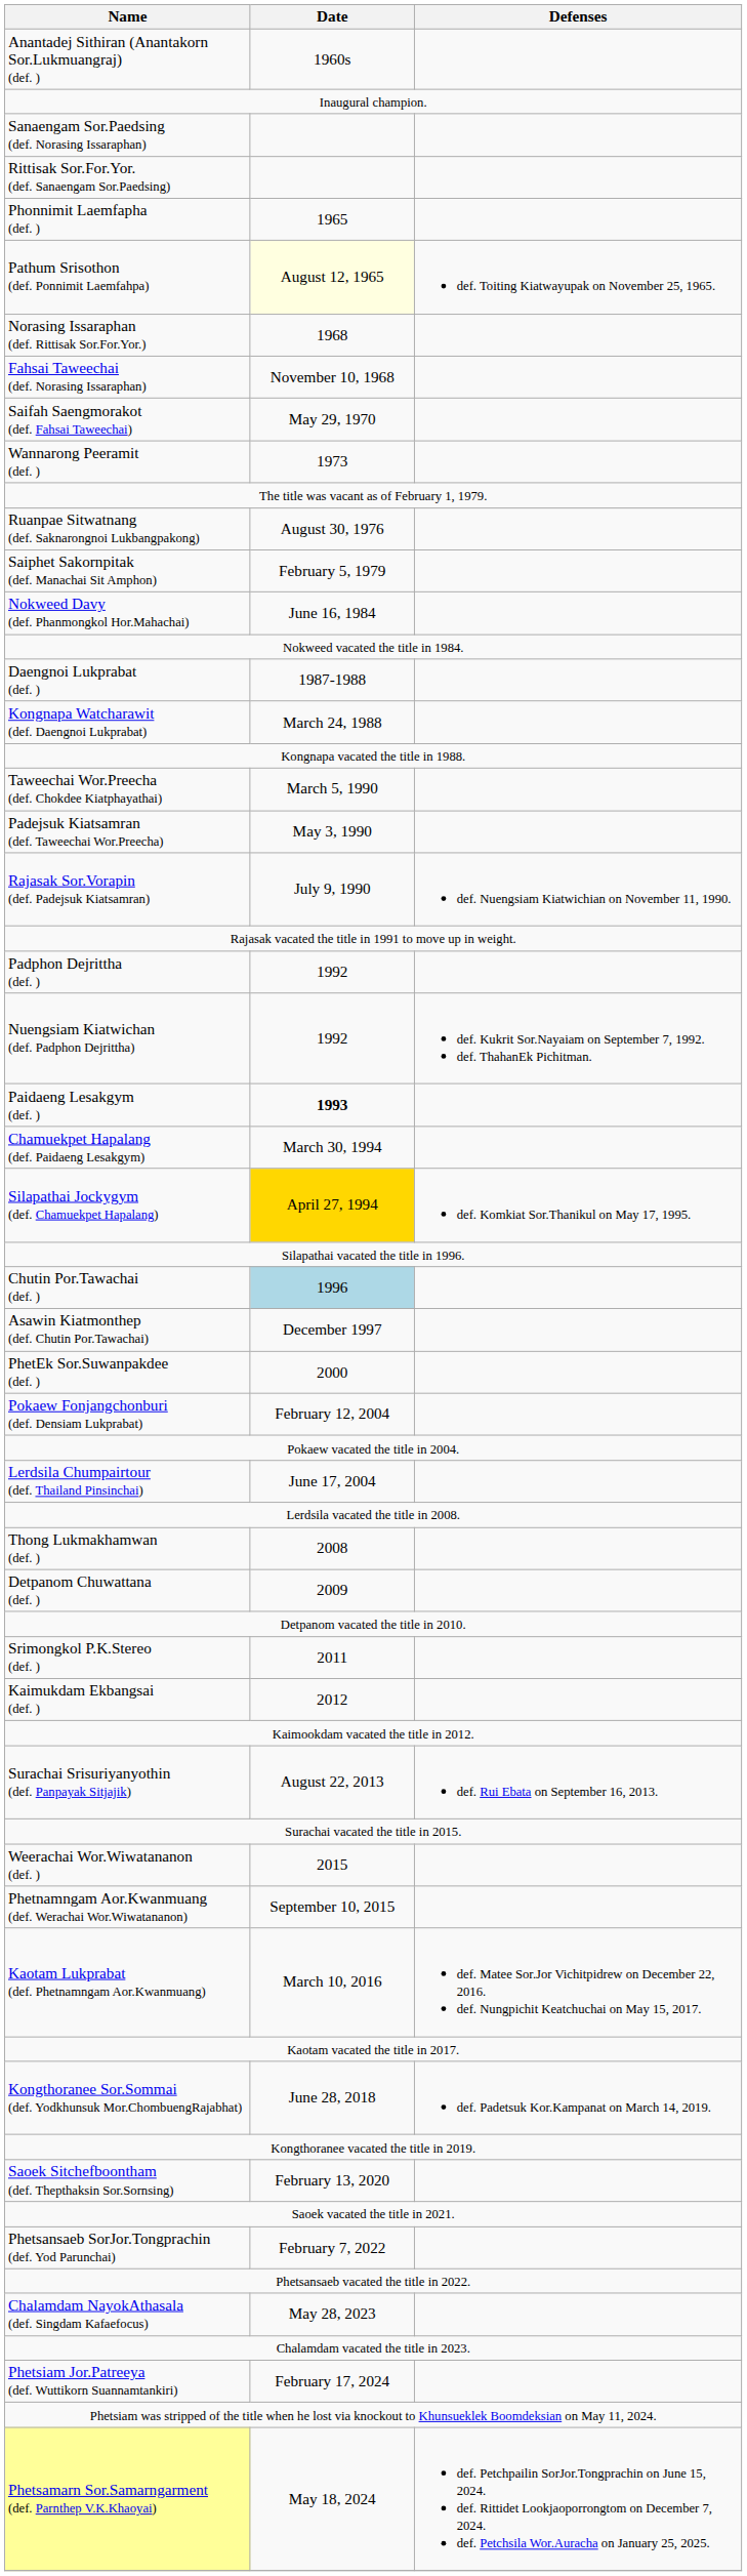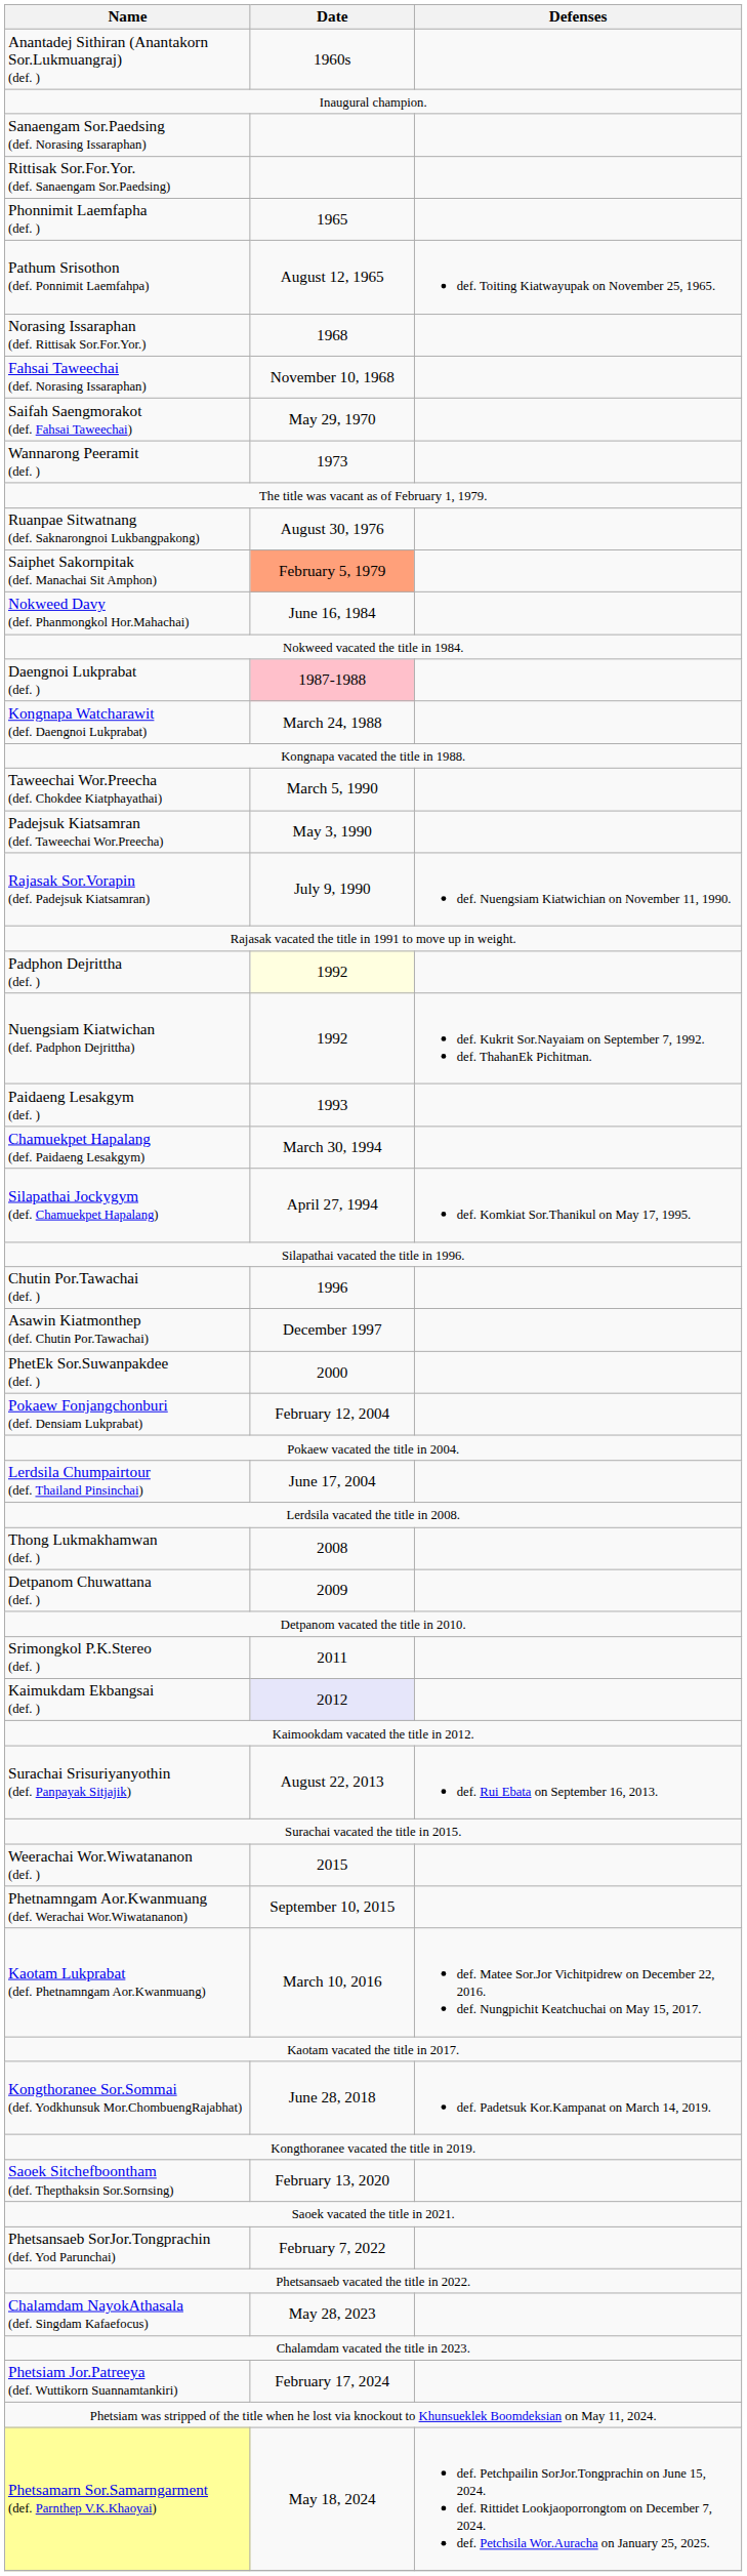 <table class="wikitable" width=60%>
 <tr>
 <th width=30%>Name</th>
 <th width=20%>Date</th>
 <th width=40%>Defenses</th>
 </tr>
 <tr>
 <td align=left> Anantadej Sithiran (Anantakorn Sor.Lukmuangraj)<br><small>(def. )</small></td>
 <td align=center>1960s</td>
 <td></td>
 </tr>
 <tr>
 <td colspan=4 align=center><small> Inaugural champion.</small></td>
 </tr>
 <tr>
 <td align=left> Sanaengam Sor.Paedsing <br><small>(def. Norasing Issaraphan)</small></td>
 <td align=center></td>
 <td></td>
 </tr>
 <tr>
 <td align=left> Rittisak Sor.For.Yor. <br><small>(def. Sanaengam Sor.Paedsing)</small></td>
 <td align=center></td>
 <td></td>
 </tr>
 <tr>
 <td align=left> Phonnimit Laemfapha <br><small>(def. )</small></td>
 <td align=center>1965</td>
 <td></td>
 </tr>
 <tr>
 <td align=left> Pathum Srisothon <br><small>(def. Ponnimit Laemfahpa)</small></td>
-<td align=center style="background: lightyellow;">August 12, 1965</td>
+<td align=center>August 12, 1965</td>
 <td><br><ul><li><small>def. Toiting Kiatwayupak on November 25, 1965.</small></li></ul></td>
 </tr>
 <tr>
 <td align=left> Norasing Issaraphan <br><small>(def. Rittisak Sor.For.Yor.)</small></td>
 <td align=center>1968</td>
 <td></td>
 </tr>
 <tr>
 <td align=left> <a href='#'>Fahsai Taweechai</a><br><small>(def. Norasing Issaraphan)</small></td>
 <td align=center>November 10, 1968</td>
 <td></td>
 </tr>
 <tr>
 <td align=left> Saifah Saengmorakot <br><small>(def. <a href='#'>Fahsai Taweechai</a>)</small></td>
 <td align=center>May 29, 1970</td>
 <td></td>
 </tr>
 <tr>
 <td align=left> Wannarong Peeramit <br><small>(def. )</small></td>
 <td align=center>1973</td>
 <td></td>
 </tr>
 <tr>
 <td colspan=4 align=center><small>The title was vacant as of February 1, 1979.</small></td>
 </tr>
 <tr>
 <td align=left> Ruanpae Sitwatnang <br><small>(def. Saknarongnoi Lukbangpakong)</small></td>
 <td align=center>August 30, 1976</td>
 <td></td>
 </tr>
 <tr>
 <td align=left> Saiphet Sakornpitak <br><small>(def. Manachai Sit Amphon)</small></td>
-<td align=center>February 5, 1979</td>
+<td align=center style="background: lightsalmon;">February 5, 1979</td>
 <td></td>
 </tr>
 <tr>
 <td align=left> <a href='#'>Nokweed Davy</a> <br><small>(def. Phanmongkol Hor.Mahachai)</small></td>
 <td align=center>June 16, 1984</td>
 <td></td>
 </tr>
 <tr>
 <td colspan=4 align=center><small>Nokweed vacated the title in 1984.</small></td>
 </tr>
 <tr>
 <td align=left> Daengnoi Lukprabat <br><small>(def. )</small></td>
-<td align=center>1987-1988</td>
+<td align=center style="background: pink;">1987-1988</td>
 <td></td>
 </tr>
 <tr>
 <td align=left> <a href='#'>Kongnapa Watcharawit</a> <br><small>(def. Daengnoi Lukprabat)</small></td>
 <td align=center>March 24, 1988</td>
 <td></td>
 </tr>
 <tr>
 <td colspan=4 align=center><small>Kongnapa vacated the title in 1988.</small></td>
 </tr>
 <tr>
 <td align=left> Taweechai Wor.Preecha <br><small>(def. Chokdee Kiatphayathai)</small></td>
 <td align=center>March 5, 1990</td>
 <td></td>
 </tr>
 <tr>
 <td align=left> Padejsuk Kiatsamran <br><small>(def. Taweechai Wor.Preecha)</small></td>
 <td align=center>May 3, 1990</td>
 <td></td>
 </tr>
 <tr>
 <td align=left> <a href='#'>Rajasak Sor.Vorapin</a> <br><small>(def. Padejsuk Kiatsamran)</small></td>
 <td align=center>July 9, 1990</td>
 <td><br><ul><li><small>def. Nuengsiam Kiatwichian on November 11, 1990.</small></li></ul></td>
 </tr>
 <tr>
 <td colspan=4 align=center><small>Rajasak vacated the title in 1991 to move up in weight.</small></td>
 </tr>
 <tr>
 <td align=left> Padphon Dejrittha <br><small>(def. )</small></td>
-<td align=center>1992</td>
+<td align=center style="background: lightyellow;">1992</td>
 <td></td>
 </tr>
 <tr>
 <td align=left> Nuengsiam Kiatwichan <br><small>(def. Padphon Dejrittha)</small></td>
 <td align=center>1992</td>
 <td><br><ul><li><small>def. Kukrit Sor.Nayaiam on September 7, 1992.</small></li><li><small>def. ThahanEk Pichitman.</small></li></ul></td>
 </tr>
 <tr>
 <td align=left> Paidaeng Lesakgym <br><small>(def. )</small></td>
-<td align=center><strong>1993</strong></td>
+<td align=center>1993</td>
 <td></td>
 </tr>
 <tr>
 <td align=left> <a href='#'>Chamuekpet Hapalang</a> <br><small>(def. Paidaeng Lesakgym)</small></td>
 <td align=center>March 30, 1994</td>
 <td></td>
 </tr>
 <tr>
 <td align=left> <a href='#'>Silapathai Jockygym</a> <br><small>(def. <a href='#'>Chamuekpet Hapalang</a>)</small></td>
-<td align=center style="background: gold;">April 27, 1994</td>
+<td align=center>April 27, 1994</td>
 <td><br><ul><li><small>def. Komkiat Sor.Thanikul on May 17, 1995.</small></li></ul></td>
 </tr>
 <tr>
 <td colspan=4 align=center><small>Silapathai vacated the title in 1996.</small></td>
 </tr>
 <tr>
 <td align=left> Chutin Por.Tawachai<br><small>(def. )</small></td>
-<td align=center style="background: lightblue;">1996</td>
+<td align=center>1996</td>
 <td></td>
 </tr>
 <tr>
 <td align=left> Asawin Kiatmonthep<br><small>(def. Chutin Por.Tawachai)</small></td>
 <td align=center>December 1997</td>
 <td></td>
 </tr>
 <tr>
 <td align=left> PhetEk Sor.Suwanpakdee<br><small>(def. )</small></td>
 <td align=center>2000</td>
 <td></td>
 </tr>
 <tr>
 <td align=left> <a href='#'>Pokaew Fonjangchonburi</a> <br><small>(def. Densiam Lukprabat)</small></td>
 <td align=center>February 12, 2004</td>
 <td></td>
 </tr>
 <tr>
 <td colspan=4 align=center><small>Pokaew vacated the title in 2004.</small></td>
 </tr>
 <tr>
 <td align=left> <a href='#'>Lerdsila Chumpairtour</a> <br><small>(def. <a href='#'>Thailand Pinsinchai</a>)</small></td>
 <td align=center>June 17, 2004</td>
 <td></td>
 </tr>
 <tr>
 <td colspan=4 align=center><small>Lerdsila vacated the title in 2008.</small></td>
 </tr>
 <tr>
 <td align=left> Thong Lukmakhamwan <br><small>(def. )</small></td>
 <td align=center>2008</td>
 <td></td>
 </tr>
 <tr>
 <td align=left> Detpanom Chuwattana <br><small>(def. )</small></td>
 <td align=center>2009</td>
 <td></td>
 </tr>
 <tr>
 <td colspan=4 align=center><small>Detpanom vacated the title in 2010.</small></td>
 </tr>
 <tr>
 <td align=left> Srimongkol P.K.Stereo <br><small>(def. )</small></td>
 <td align=center>2011</td>
 <td></td>
 </tr>
 <tr>
 <td align=left> Kaimukdam Ekbangsai <br><small>(def. )</small></td>
-<td align=center>2012</td>
+<td align=center style="background: lavender;">2012</td>
 <td></td>
 </tr>
 <tr>
 <td colspan=4 align=center><small>Kaimookdam vacated the title in 2012.</small></td>
 </tr>
 <tr>
 <td align=left> Surachai Srisuriyanyothin <br><small>(def. <a href='#'>Panpayak Sitjajik</a>)</small></td>
 <td align=center>August 22, 2013</td>
 <td><br><ul><li><small>def. <a href='#'>Rui Ebata</a> on September 16, 2013.</small></li></ul></td>
 </tr>
 <tr>
 <td colspan=4 align=center><small>Surachai vacated the title in 2015.</small></td>
 </tr>
 <tr>
 <td align=left> Weerachai Wor.Wiwatananon <br><small>(def. )</small></td>
 <td align=center>2015</td>
 <td></td>
 </tr>
 <tr>
 <td align=left> Phetnamngam Aor.Kwanmuang <br><small>(def. Werachai Wor.Wiwatananon)</small></td>
 <td align=center>September 10, 2015</td>
 <td></td>
 </tr>
 <tr>
 <td align=left> <a href='#'>Kaotam Lukprabat</a> <br><small>(def. Phetnamngam Aor.Kwanmuang)</small></td>
 <td align=center>March 10, 2016</td>
 <td><br><ul><li><small>def. Matee Sor.Jor Vichitpidrew on December 22, 2016.</small></li><li><small>def. Nungpichit Keatchuchai on May 15, 2017.</small></li></ul></td>
 </tr>
 <tr>
 <td colspan=4 align=center><small>Kaotam vacated the title in 2017.</small></td>
 </tr>
 <tr>
 <td align=left> <a href='#'>Kongthoranee Sor.Sommai</a> <br><small>(def. Yodkhunsuk Mor.ChombuengRajabhat)</small></td>
 <td align=center>June 28, 2018</td>
 <td><br><ul><li><small>def. Padetsuk Kor.Kampanat on March 14, 2019.</small></li></ul></td>
 </tr>
 <tr>
 <td colspan=4 align=center><small>Kongthoranee vacated the title in 2019.</small></td>
 </tr>
 <tr>
 <td align=left> <a href='#'>Saoek Sitchefboontham</a> <br><small>(def. Thepthaksin Sor.Sornsing)</small></td>
 <td align=center>February 13, 2020</td>
 <td></td>
 </tr>
 <tr>
 <td colspan=4 align=center><small>Saoek vacated the title in 2021.</small></td>
 </tr>
 <tr>
 <td align=left> Phetsansaeb SorJor.Tongprachin <br><small>(def. Yod Parunchai)</small></td>
 <td align=center>February 7, 2022</td>
 <td></td>
 </tr>
 <tr>
 <td colspan=4 align=center><small>Phetsansaeb vacated the title in 2022.</small></td>
 </tr>
 <tr>
 <td align=left> <a href='#'>Chalamdam NayokAthasala</a> <br><small>(def. Singdam Kafaefocus)</small></td>
 <td align=center>May 28, 2023</td>
 <td></td>
 </tr>
 <tr>
 <td colspan=4 align=center><small>Chalamdam vacated the title in 2023.</small></td>
 </tr>
 <tr>
 <td align=left> <a href='#'>Phetsiam Jor.Patreeya</a> <br><small>(def. Wuttikorn Suannamtankiri)</small></td>
 <td align=center>February 17, 2024</td>
 <td></td>
 </tr>
 <tr>
 <td colspan=4 align=center><small>Phetsiam was stripped of the title when he lost via knockout to <a href='#'>Khunsueklek Boomdeksian</a> on May 11, 2024.</small></td>
 </tr>
 <tr>
 <td align=left bgcolor="#FFFF99"> <a href='#'>Phetsamarn Sor.Samarngarment</a> <br><small>(def. <a href='#'>Parnthep V.K.Khaoyai</a>)</small></td>
 <td align=center>May 18, 2024</td>
 <td><br><ul><li><small>def. Petchpailin SorJor.Tongprachin on June 15, 2024.</small></li><li><small>def. Rittidet Lookjaoporrongtom on December 7, 2024.</small></li><li><small>def. <a href='#'>Petchsila Wor.Auracha</a> on January 25, 2025.</small></li></ul></td>
 </tr>
 <tr>
 </tr>
 </table>
